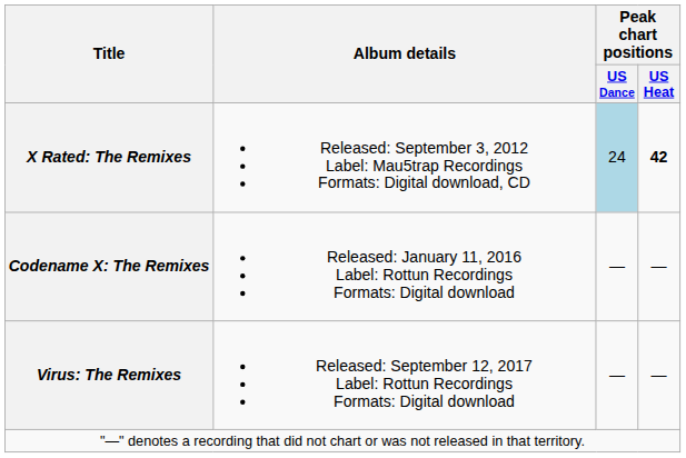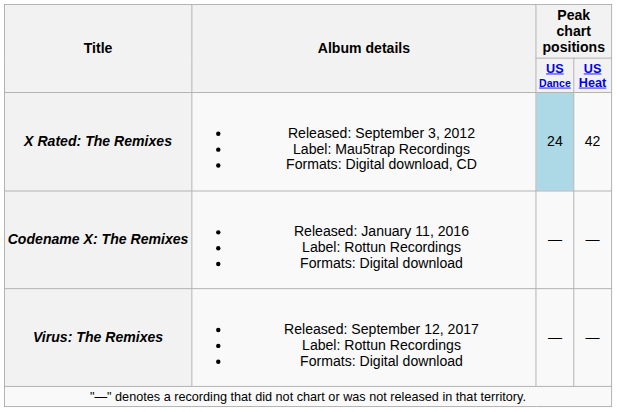 <table class="wikitable plainrowheaders" style="text-align:center;">
 <tr>
 <th rowspan="2" scope="col">Title</th>
 <th rowspan="2" scope="col" style="width:24em;">Album details</th>
 <th colspan="3" scope="col">Peak chart positions</th>
 </tr>
 <tr>
 <th scope="col" style="width:2.5em;font-size:90%;"><a href='#'>US<br><small>Dance</small></a><br></th>
 <th scope="col" style="width:2.5em;font-size:90%;"><a href='#'>US<br>Heat</a><br></th>
 </tr>
 <tr>
 <th scope="row"><em>X Rated: The Remixes</em></th>
 <td><br><ul><li>Released: September 3, 2012</li><li>Label: Mau5trap Recordings</li><li>Formats: Digital download, CD</li></ul></td>
 <td style="background: lightblue;">24</td>
-<td><strong>42</strong></td>
+<td>42</td>
 </tr>
 <tr>
 <th scope="row"><em>Codename X: The Remixes</em></th>
 <td><br><ul><li>Released: January 11, 2016</li><li>Label: Rottun Recordings</li><li>Formats: Digital download</li></ul></td>
 <td>—</td>
 <td>—</td>
 </tr>
 <tr>
 <th scope="row"><em>Virus: The Remixes</em></th>
 <td><br><ul><li>Released: September 12, 2017</li><li>Label: Rottun Recordings</li><li>Formats: Digital download</li></ul></td>
 <td>—</td>
 <td>—</td>
 </tr>
 <tr>
 <td colspan="5" style="font-size:90%">"—" denotes a recording that did not chart or was not released in that territory.</td>
 </tr>
 </table>
